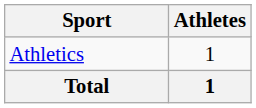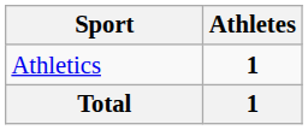 <table class="wikitable sortable" style="text-align:center;">
 <tr>
 <th width=120>Sport</th>
 <th width="55">Athletes</th>
 </tr>
 <tr>
 <td align=left><a href='#'>Athletics</a></td>
-<td>1</td>
+<td><strong>1</strong></td>
 </tr>
 <tr>
 <th>Total</th>
 <th>1</th>
 </tr>
 </table>
